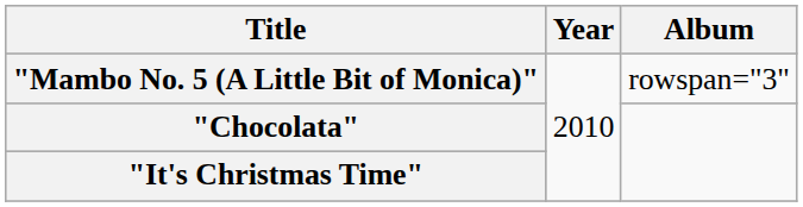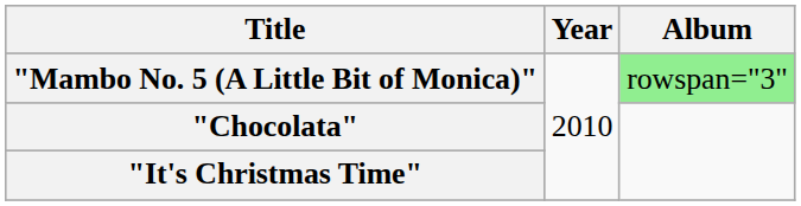 <table class="wikitable plainrowheaders" style="text-align:center;">
 <tr>
 <th scope="col">Title</th>
 <th scope="col">Year</th>
 <th scope="col">Album</th>
 </tr>
 <tr>
 <th scope="row">"Mambo No. 5 (A Little Bit of Monica)"</th>
 <td rowspan="3">2010</td>
-<td>rowspan="3" </td>
+<td style="background: lightgreen;">rowspan="3" </td>
 </tr>
 <tr>
 <th scope="row">"Chocolata"</th>
 </tr>
 <tr>
 <th scope="row">"It's Christmas Time"</th>
 </tr>
 </table>
